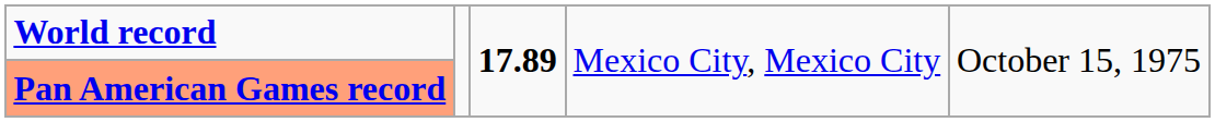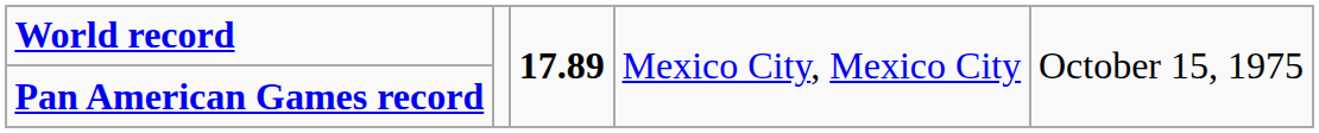 <table class="wikitable">
 <tr>
 <td><strong><a href='#'>World record</a></strong></td>
 <td rowspan=2></td>
 <td rowspan=2><strong>17.89</strong></td>
 <td rowspan=2><a href='#'>Mexico City</a>, <a href='#'>Mexico City</a></td>
 <td rowspan=2>October 15, 1975</td>
 </tr>
 <tr>
-<td style="background: lightsalmon;"><strong><a href='#'>Pan American Games record</a></strong></td>
+<td><strong><a href='#'>Pan American Games record</a></strong></td>
 </tr>
 </table>
